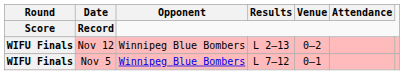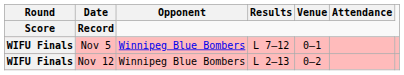 <table class="wikitable" style="text-align:center">
 <tr>
 <th>Round</th>
 <th>Date</th>
 <th>Opponent</th>
 <th>Results</th>
 <th>Venue</th>
 <th>Attendance</th>
 </tr>
 <tr>
 <th>Score</th>
 <th>Record</th>
 </tr>
 <tr style="background:#ffbbbb">
 <th>WIFU Finals</th>
+<td>Nov 5</td>
+<td><a href='#'>Winnipeg Blue Bombers</a></td>
+<td>L 7–12</td>
+<td>0–1</td>
+<td></td>
+<td></td>
+</tr>
+<tr style="background:#ffbbbb">
+<th>WIFU Finals</th>
 <td>Nov 12</td>
 <td>Winnipeg Blue Bombers</td>
 <td>L 2–13</td>
 <td>0–2</td>
 <td></td>
 <td></td>
 </tr>
-<tr style="background:#ffbbbb">
-<th>WIFU Finals</th>
-<td>Nov 5</td>
-<td><a href='#'>Winnipeg Blue Bombers</a></td>
-<td>L 7–12</td>
-<td>0–1</td>
-<td></td>
-<td></td>
-</tr>
 </table>
